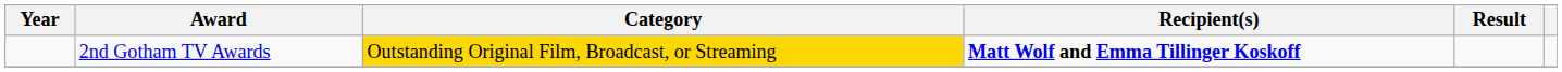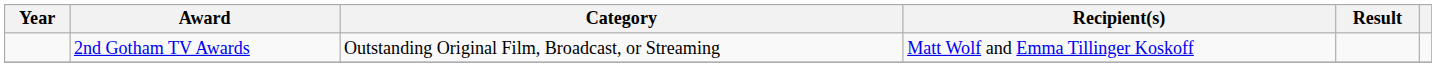 <table class="wikitable sortable plainrowheaders" style="width: 100%;">
 <tr>
 <th scope="col">Year</th>
 <th scope="col">Award</th>
 <th scope="col">Category</th>
 <th scope="col">Recipient(s)</th>
 <th scope="col">Result</th>
 <th scope="col" class="unsortable"></th>
 </tr>
 <tr>
 <td></td>
 <td><a href='#'>2nd Gotham TV Awards</a></td>
-<td style="background: gold;">Outstanding Original Film, Broadcast, or Streaming</td>
-<td><strong><a href='#'>Matt Wolf</a> and <a href='#'>Emma Tillinger Koskoff</a></strong></td>
+<td>Outstanding Original Film, Broadcast, or Streaming</td>
+<td><a href='#'>Matt Wolf</a> and <a href='#'>Emma Tillinger Koskoff</a></td>
 <td></td>
 <td align="center" rowspan="1"></td>
 </tr>
 <tr>
 </tr>
 </table>
